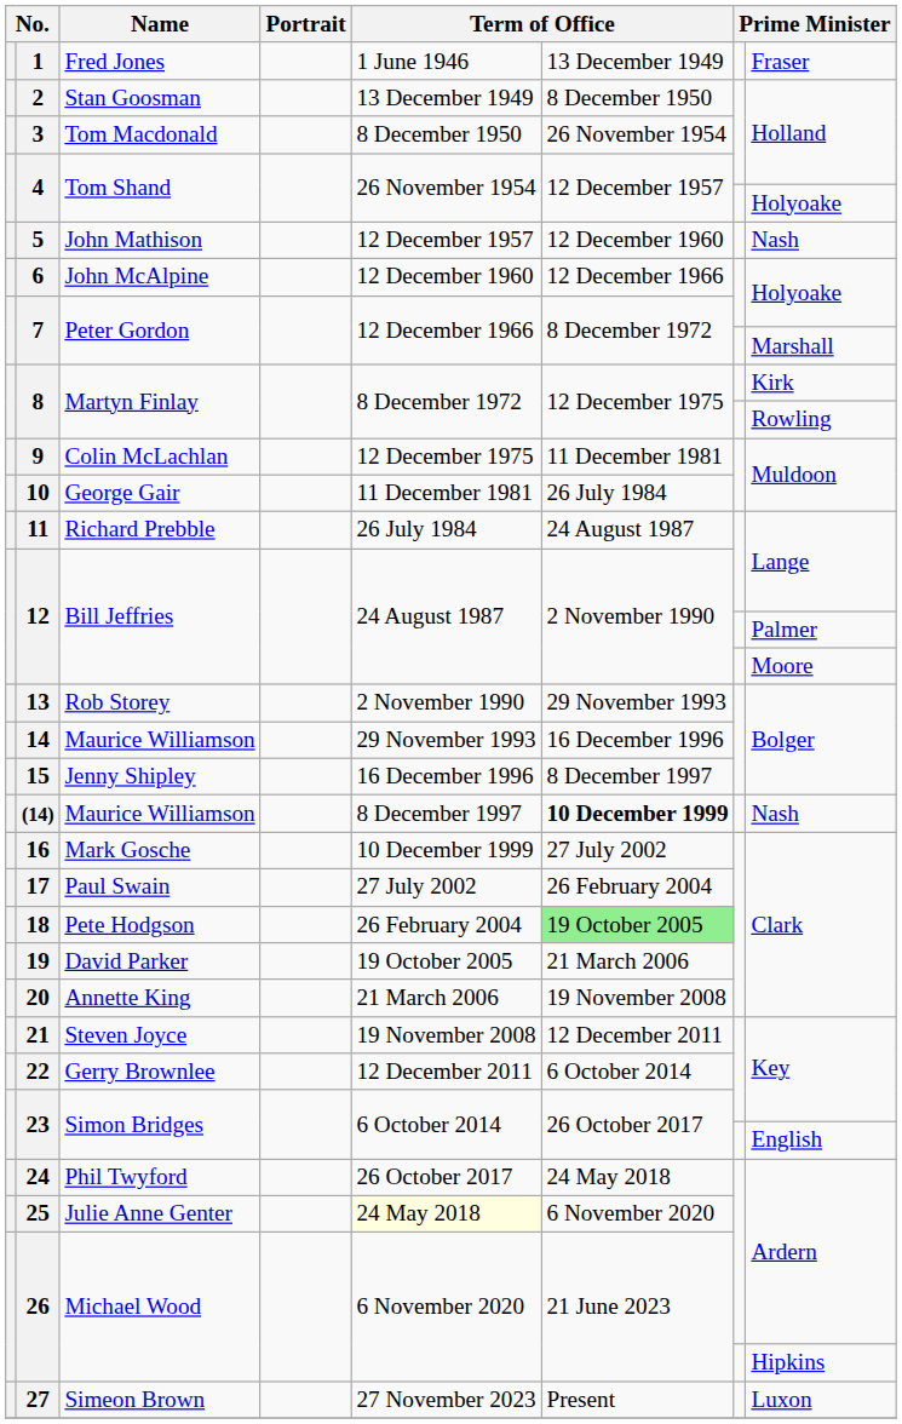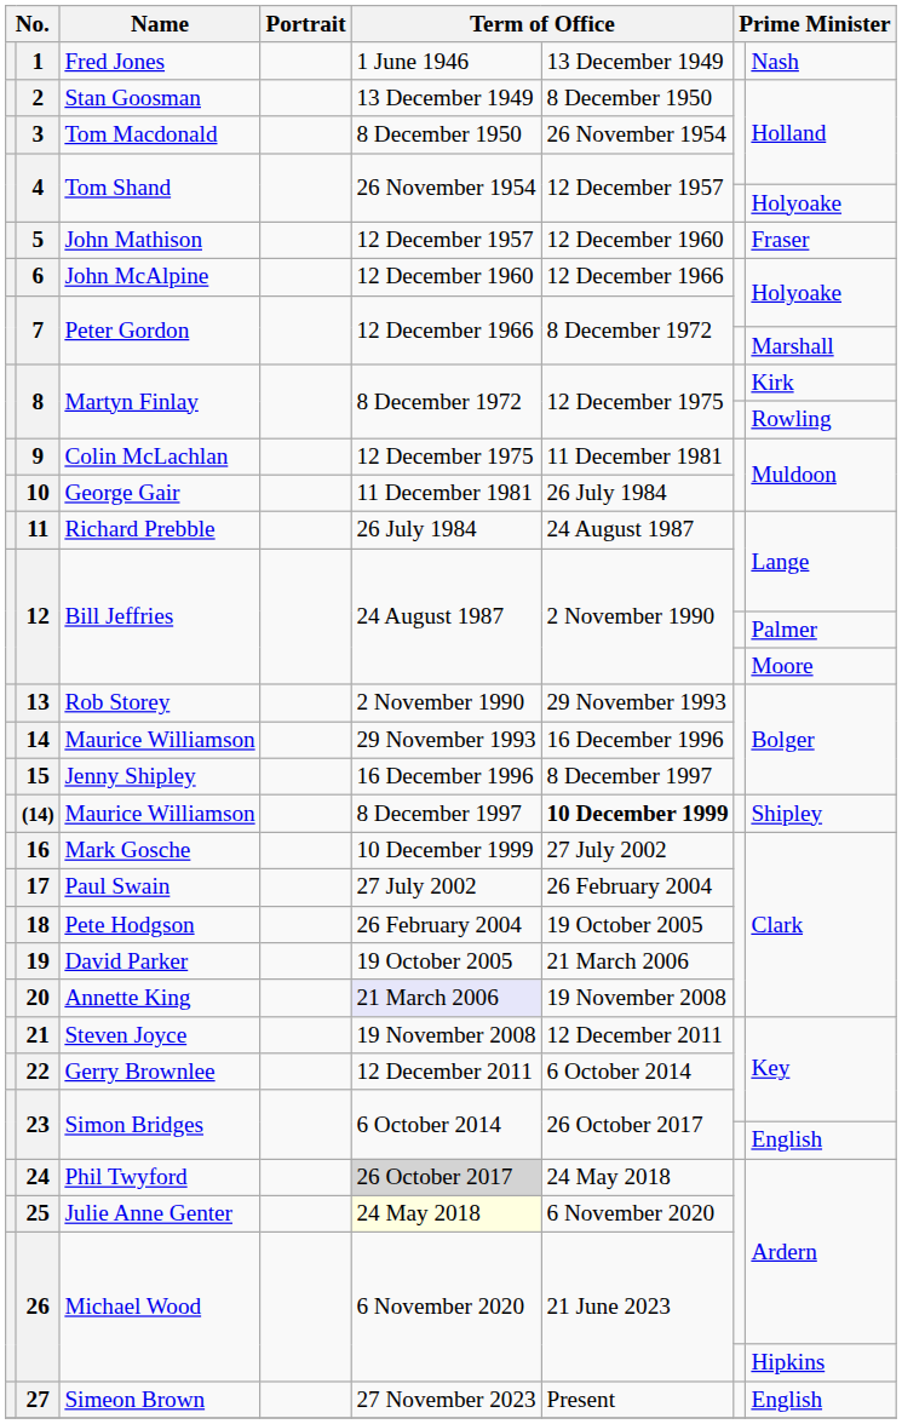 <table class="wikitable">
 <tr>
 <th colspan="2">No.</th>
 <th>Name</th>
 <th>Portrait</th>
 <th colspan="2">Term of Office</th>
 <th colspan="2">Prime Minister</th>
 </tr>
 <tr>
 <th style="background:"></th>
 <th>1</th>
 <td><a href='#'>Fred Jones</a></td>
 <td></td>
 <td>1 June 1946</td>
 <td>13 December 1949</td>
 <td width=1 style="background:"></td>
-<td><a href='#'>Fraser</a></td>
+<td><a href='#'>Nash</a></td>
 </tr>
 <tr>
 <th style="background:"></th>
 <th>2</th>
 <td><a href='#'>Stan Goosman</a></td>
 <td></td>
 <td>13 December 1949</td>
 <td>8 December 1950</td>
 <td rowspan="3" style="background:"></td>
 <td rowspan="3"><a href='#'>Holland</a></td>
 </tr>
 <tr>
 <th style="background:"></th>
 <th>3</th>
 <td><a href='#'>Tom Macdonald</a></td>
 <td></td>
 <td>8 December 1950</td>
 <td>26 November 1954</td>
 </tr>
 <tr>
 <th height=15 style="border-bottom:solid 0 grey; background:"></th>
 <th rowspan="2">4</th>
 <td rowspan="2"><a href='#'>Tom Shand</a></td>
 <td rowspan="2"></td>
 <td rowspan="2">26 November 1954</td>
 <td rowspan="2">12 December 1957</td>
 </tr>
 <tr>
 <th height=15 style="border-top:solid 0 grey; background:"></th>
 <td style="background:"></td>
 <td><a href='#'>Holyoake</a></td>
 </tr>
 <tr>
 <th style="background:"></th>
 <th>5</th>
 <td><a href='#'>John Mathison</a></td>
 <td></td>
 <td>12 December 1957</td>
 <td>12 December 1960</td>
 <td style="background:"></td>
-<td><a href='#'>Nash</a></td>
+<td><a href='#'>Fraser</a></td>
 </tr>
 <tr>
 <th style="background:"></th>
 <th>6</th>
 <td><a href='#'>John McAlpine</a></td>
 <td></td>
 <td>12 December 1960</td>
 <td>12 December 1966</td>
 <td rowspan="2" style="background:"></td>
 <td rowspan="2"><a href='#'>Holyoake</a></td>
 </tr>
 <tr>
 <th height=15 style="border-bottom:solid 0 grey; background:"></th>
 <th rowspan="2">7</th>
 <td rowspan="2"><a href='#'>Peter Gordon</a></td>
 <td rowspan="2"></td>
 <td rowspan="2">12 December 1966</td>
 <td rowspan="2">8 December 1972</td>
 </tr>
 <tr>
 <th height=15 style="border-top:solid 0 grey; background:"></th>
 <td style="background:"></td>
 <td><a href='#'>Marshall</a></td>
 </tr>
 <tr>
 <th rowspan=2 style="background:"></th>
 <th rowspan=2>8</th>
 <td rowspan=2><a href='#'>Martyn Finlay</a></td>
 <td rowspan=2></td>
 <td rowspan=2>8 December 1972</td>
 <td rowspan=2>12 December 1975</td>
 <td style="background:"></td>
 <td><a href='#'>Kirk</a></td>
 </tr>
 <tr>
 <td style="background:"></td>
 <td><a href='#'>Rowling</a></td>
 </tr>
 <tr>
 <th style="background:"></th>
 <th>9</th>
 <td><a href='#'>Colin McLachlan</a></td>
 <td></td>
 <td>12 December 1975</td>
 <td>11 December 1981</td>
 <td rowspan=2 style="background:"></td>
 <td rowspan=2><a href='#'>Muldoon</a></td>
 </tr>
 <tr>
 <th style="background:"></th>
 <th>10</th>
 <td><a href='#'>George Gair</a></td>
 <td></td>
 <td>11 December 1981</td>
 <td>26 July 1984</td>
 </tr>
 <tr>
 <th style="background:"></th>
 <th>11</th>
 <td><a href='#'>Richard Prebble</a></td>
 <td></td>
 <td>26 July 1984</td>
 <td>24 August 1987</td>
 <td style="border-bottom:solid 0 grey; background:"></td>
 <td rowspan=2><a href='#'>Lange</a></td>
 </tr>
 <tr>
 <th rowspan=3 style="background:"></th>
 <th rowspan=3>12</th>
 <td rowspan=3><a href='#'>Bill Jeffries</a></td>
 <td rowspan=3></td>
 <td rowspan=3>24 August 1987</td>
 <td rowspan=3>2 November 1990</td>
 <td height=36 style="border-top:solid 0 grey; background:"></td>
 </tr>
 <tr>
 <td style="background:"></td>
 <td><a href='#'>Palmer</a></td>
 </tr>
 <tr>
 <td style="background:"></td>
 <td><a href='#'>Moore</a></td>
 </tr>
 <tr>
 <th style="background:"></th>
 <th>13</th>
 <td><a href='#'>Rob Storey</a></td>
 <td></td>
 <td>2 November 1990</td>
 <td>29 November 1993</td>
 <td rowspan=3 style="background:"></td>
 <td rowspan=3><a href='#'>Bolger</a></td>
 </tr>
 <tr>
 <th style="background:"></th>
 <th>14</th>
 <td><a href='#'>Maurice Williamson</a></td>
 <td></td>
 <td>29 November 1993</td>
 <td>16 December 1996</td>
 </tr>
 <tr>
 <th style="background:"></th>
 <th>15</th>
 <td><a href='#'>Jenny Shipley</a></td>
 <td></td>
 <td>16 December 1996</td>
 <td>8 December 1997</td>
 </tr>
 <tr>
 <th style="background:"></th>
 <th><small>(14)</small></th>
 <td><a href='#'>Maurice Williamson</a></td>
 <td></td>
 <td>8 December 1997</td>
 <td><strong>10 December 1999</strong></td>
 <td style="background:"></td>
-<td><a href='#'>Nash</a></td>
+<td><a href='#'>Shipley</a></td>
 </tr>
 <tr>
 <th style="background:"></th>
 <th>16</th>
 <td><a href='#'>Mark Gosche</a></td>
 <td></td>
 <td>10 December 1999</td>
 <td>27 July 2002</td>
 <td rowspan=5 style="background:"></td>
 <td rowspan=5><a href='#'>Clark</a></td>
 </tr>
 <tr>
 <th style="background:"></th>
 <th>17</th>
 <td><a href='#'>Paul Swain</a></td>
 <td></td>
 <td>27 July 2002</td>
 <td>26 February 2004</td>
 </tr>
 <tr>
 <th style="background:"></th>
 <th>18</th>
 <td><a href='#'>Pete Hodgson</a></td>
 <td></td>
 <td>26 February 2004</td>
-<td style="background: lightgreen;">19 October 2005</td>
+<td>19 October 2005</td>
 </tr>
 <tr>
 <th style="background:"></th>
 <th>19</th>
 <td><a href='#'>David Parker</a></td>
 <td></td>
 <td>19 October 2005</td>
 <td>21 March 2006</td>
 </tr>
 <tr>
 <th style="background:"></th>
 <th>20</th>
 <td><a href='#'>Annette King</a></td>
 <td></td>
-<td>21 March 2006</td>
+<td style="background: lavender;">21 March 2006</td>
 <td>19 November 2008</td>
 </tr>
 <tr>
 <th style="background:"></th>
 <th>21</th>
 <td><a href='#'>Steven Joyce</a></td>
 <td></td>
 <td>19 November 2008</td>
 <td>12 December 2011</td>
 <td rowspan="3" style="background:"></td>
 <td rowspan="3"><a href='#'>Key</a></td>
 </tr>
 <tr>
 <th style="background:"></th>
 <th>22</th>
 <td><a href='#'>Gerry Brownlee</a></td>
 <td></td>
 <td>12 December 2011</td>
 <td>6 October 2014</td>
 </tr>
 <tr>
 <th height=15 style="border-bottom:solid 0 grey; background:"></th>
 <th rowspan="2">23</th>
 <td rowspan="2"><a href='#'>Simon Bridges</a></td>
 <td rowspan="2"></td>
 <td rowspan="2">6 October 2014</td>
 <td rowspan="2">26 October 2017</td>
 </tr>
 <tr>
 <th height=15 style="border-top:solid 0 grey; background:"></th>
 <td style="background:"></td>
 <td><a href='#'>English</a></td>
 </tr>
 <tr>
 <th style="background:"></th>
 <th>24</th>
 <td><a href='#'>Phil Twyford</a></td>
 <td></td>
-<td>26 October 2017</td>
+<td style="background: lightgrey;">26 October 2017</td>
 <td>24 May 2018</td>
 <td rowspan="3" style="background:"></td>
 <td rowspan="3"><a href='#'>Ardern</a></td>
 </tr>
 <tr>
 <th style="background:"></th>
 <th>25</th>
 <td><a href='#'>Julie Anne Genter</a></td>
 <td></td>
 <td style="background: lightyellow;">24 May 2018</td>
 <td>6 November 2020</td>
 </tr>
 <tr>
 <th height=70 style="border-bottom:solid 0 grey; background:"></th>
 <th rowspan="2">26</th>
 <td rowspan="2"><a href='#'>Michael Wood</a></td>
 <td rowspan="2"></td>
 <td rowspan="2">6 November 2020</td>
 <td rowspan="2">21 June 2023</td>
 </tr>
 <tr>
 <th height=15 style="border-top:solid 0 grey; background:"></th>
 <td style="background:"></td>
 <td><a href='#'>Hipkins</a></td>
 </tr>
 <tr>
 <th style="background:"></th>
 <th>27</th>
 <td><a href='#'>Simeon Brown</a></td>
 <td></td>
 <td>27 November 2023</td>
 <td>Present</td>
 <td style="background:"></td>
-<td><a href='#'>Luxon</a></td>
+<td><a href='#'>English</a></td>
 </tr>
 <tr>
 </tr>
 </table>
